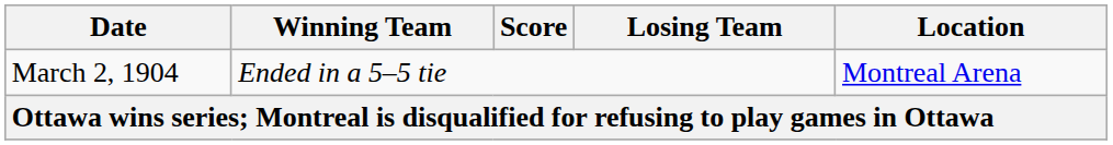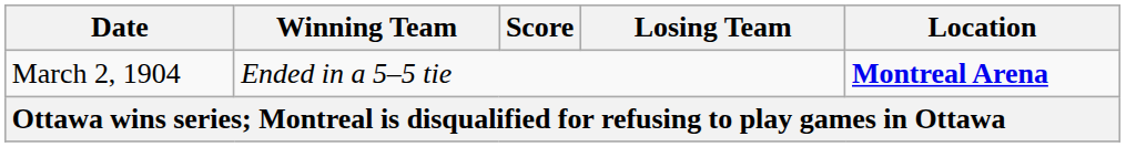 <table class="wikitable">
 <tr>
 <th width="120">Date</th>
 <th width="140">Winning Team</th>
 <th width="5">Score</th>
 <th width="140">Losing Team</th>
 <th width="145">Location</th>
 </tr>
 <tr>
 <td>March 2, 1904</td>
 <td colspan="3"><em>Ended in a 5–5 tie</em></td>
-<td><a href='#'>Montreal Arena</a></td>
+<td><strong><a href='#'>Montreal Arena</a></strong></td>
 </tr>
 <tr>
 <th colspan="5" style="text-align:left;">Ottawa wins series; Montreal is disqualified for refusing to play games in Ottawa</th>
 </tr>
 </table>
